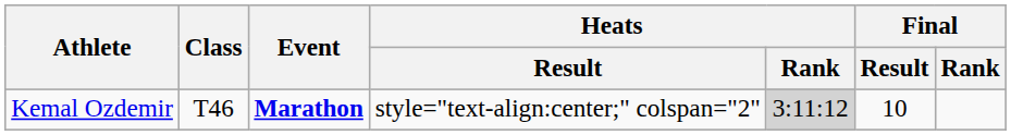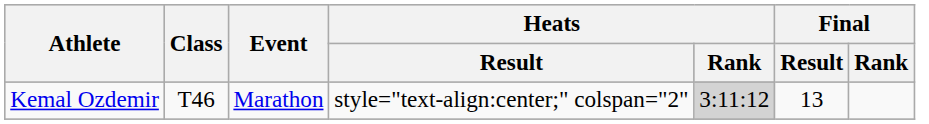 <table class=wikitable style="font-size:90%">
 <tr>
 <th rowspan="2">Athlete</th>
 <th rowspan="2">Class</th>
 <th rowspan="2">Event</th>
 <th colspan="2">Heats</th>
 <th colspan="2">Final</th>
 </tr>
 <tr>
 <th>Result</th>
 <th>Rank</th>
 <th>Result</th>
 <th>Rank</th>
 </tr>
 <tr>
 <td><a href='#'>Kemal Ozdemir</a></td>
 <td style="text-align:center;">T46</td>
-<td><strong><a href='#'>Marathon</a></strong></td>
+<td><a href='#'>Marathon</a></td>
 <td>style="text-align:center;" colspan="2" </td>
 <td style="background: lightgrey; text-align:center;">3:11:12</td>
-<td style="text-align:center;">10</td>
+<td style="text-align:center;">13</td>
 </tr>
 </table>
